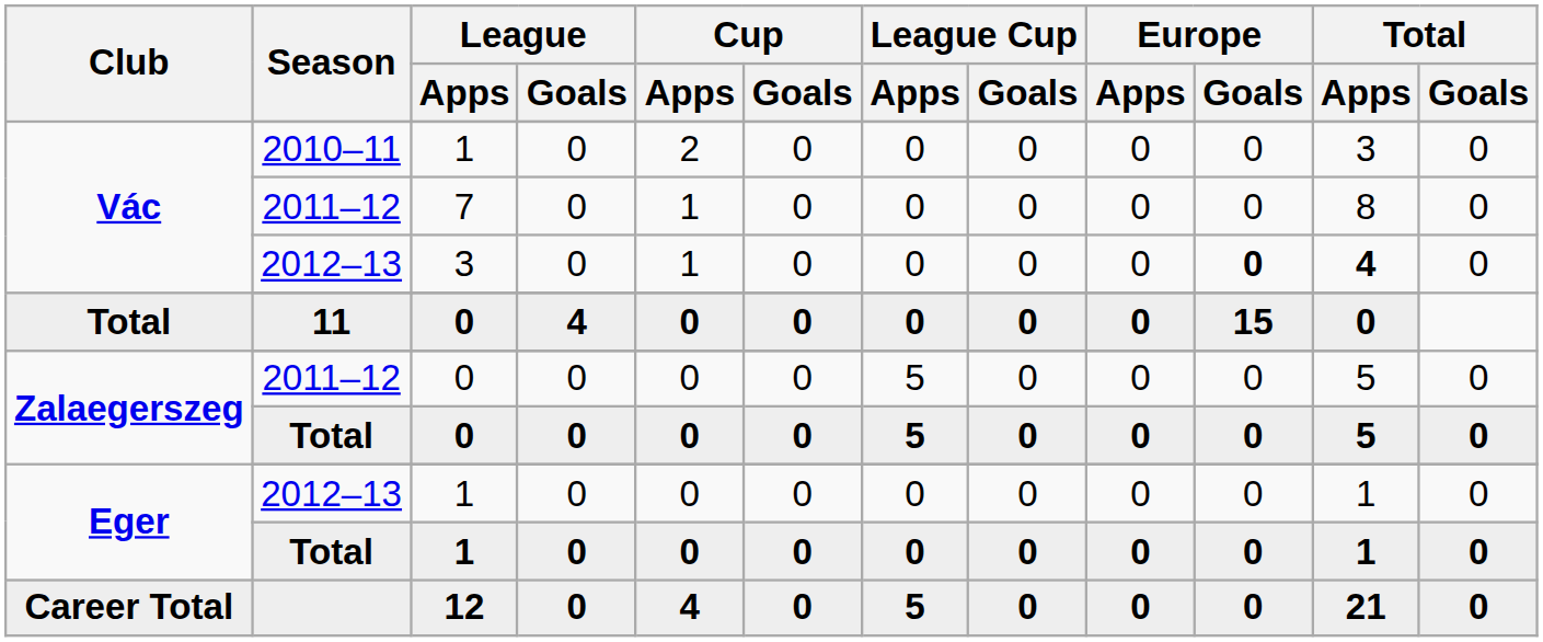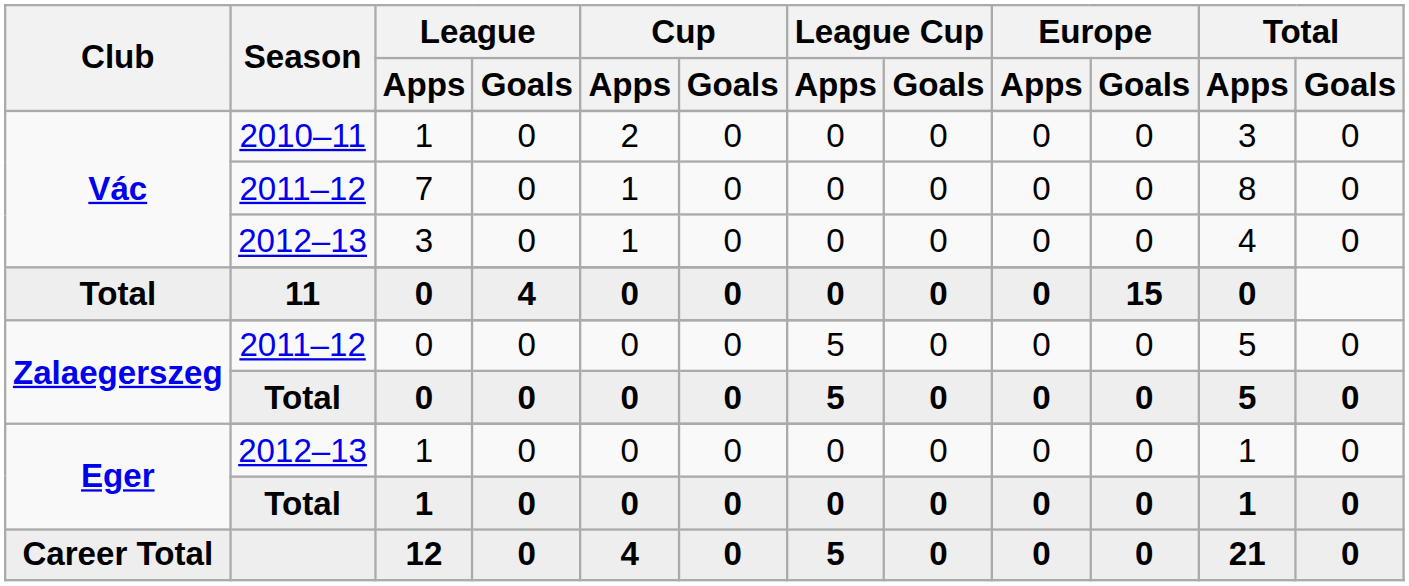 <table class="wikitable" style="font-size:90%; text-align: center;">
 <tr>
 <th rowspan="2">Club</th>
 <th rowspan="2">Season</th>
 <th colspan="2">League</th>
 <th colspan="2">Cup</th>
 <th colspan="2">League Cup</th>
 <th colspan="2">Europe</th>
 <th colspan="2">Total</th>
 </tr>
 <tr>
 <th>Apps</th>
 <th>Goals</th>
 <th>Apps</th>
 <th>Goals</th>
 <th>Apps</th>
 <th>Goals</th>
 <th>Apps</th>
 <th>Goals</th>
 <th>Apps</th>
 <th>Goals</th>
 </tr>
 <tr ||-||-||-|->
 <td rowspan="5" valign="center"><strong><a href='#'>Vác</a></strong></td>
 </tr>
 <tr>
 <td><a href='#'>2010–11</a></td>
 <td>1</td>
 <td>0</td>
 <td>2</td>
 <td>0</td>
 <td>0</td>
 <td>0</td>
 <td>0</td>
 <td>0</td>
 <td>3</td>
 <td>0</td>
 </tr>
 <tr>
 <td><a href='#'>2011–12</a></td>
 <td>7</td>
 <td>0</td>
 <td>1</td>
 <td>0</td>
 <td>0</td>
 <td>0</td>
 <td>0</td>
 <td>0</td>
 <td>8</td>
 <td>0</td>
 </tr>
 <tr>
 <td><a href='#'>2012–13</a></td>
 <td>3</td>
 <td>0</td>
 <td>1</td>
 <td>0</td>
 <td>0</td>
 <td>0</td>
 <td>0</td>
-<td><strong>0</strong></td>
-<td><strong>4</strong></td>
+<td>0</td>
+<td>4</td>
 <td>0</td>
 </tr>
 <tr>
 </tr>
 <tr style="font-weight:bold; background-color:#eeeeee;">
 <td>Total</td>
 <td>11</td>
 <td>0</td>
 <td>4</td>
 <td>0</td>
 <td>0</td>
 <td>0</td>
 <td>0</td>
 <td>0</td>
 <td>15</td>
 <td>0</td>
 </tr>
 <tr>
 <td rowspan="3" valign="center"><strong><a href='#'>Zalaegerszeg</a></strong></td>
 </tr>
 <tr>
 <td><a href='#'>2011–12</a></td>
 <td>0</td>
 <td>0</td>
 <td>0</td>
 <td>0</td>
 <td>5</td>
 <td>0</td>
 <td>0</td>
 <td>0</td>
 <td>5</td>
 <td>0</td>
 </tr>
 <tr style="font-weight:bold; background-color:#eeeeee;">
 <td>Total</td>
 <td>0</td>
 <td>0</td>
 <td>0</td>
 <td>0</td>
 <td>5</td>
 <td>0</td>
 <td>0</td>
 <td>0</td>
 <td>5</td>
 <td>0</td>
 </tr>
 <tr>
 <td rowspan="3" valign="center"><strong><a href='#'>Eger</a></strong></td>
 </tr>
 <tr>
 <td><a href='#'>2012–13</a></td>
 <td>1</td>
 <td>0</td>
 <td>0</td>
 <td>0</td>
 <td>0</td>
 <td>0</td>
 <td>0</td>
 <td>0</td>
 <td>1</td>
 <td>0</td>
 </tr>
 <tr style="font-weight:bold; background-color:#eeeeee;">
 <td>Total</td>
 <td>1</td>
 <td>0</td>
 <td>0</td>
 <td>0</td>
 <td>0</td>
 <td>0</td>
 <td>0</td>
 <td>0</td>
 <td>1</td>
 <td>0</td>
 </tr>
 <tr style="font-weight:bold; background-color:#eeeeee;">
 <td rowspan="2" valign="top"><strong>Career Total</strong></td>
 <td></td>
 <td><strong>12</strong></td>
 <td><strong>0</strong></td>
 <td><strong>4</strong></td>
 <td><strong>0</strong></td>
 <td><strong>5</strong></td>
 <td><strong>0</strong></td>
 <td><strong>0</strong></td>
 <td><strong>0</strong></td>
 <td><strong>21</strong></td>
 <td><strong>0</strong></td>
 </tr>
 </table>
